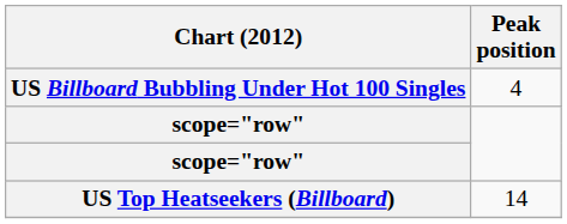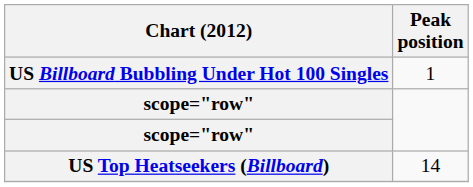 <table class="wikitable sortable plainrowheaders">
 <tr>
 <th>Chart (2012)</th>
 <th>Peak<br>position</th>
 </tr>
 <tr>
 <th scope="row">US <a href='#'><em>Billboard</em> Bubbling Under Hot 100 Singles</a></th>
-<td align="center">4</td>
+<td align="center">1</td>
 </tr>
 <tr>
 <th>scope="row"</th>
 </tr>
 <tr>
 <th>scope="row"</th>
 </tr>
 <tr>
 <th scope="row">US <a href='#'>Top Heatseekers</a> (<em><a href='#'>Billboard</a></em>)</th>
 <td align="center">14</td>
 </tr>
 <tr>
 </tr>
 </table>
